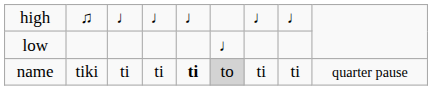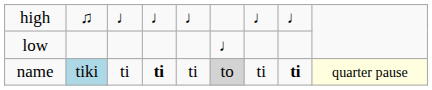 <table class="wikitable" style="text-align: center; width: 400px; height: 25px;">
 <tr>
 <td>high</td>
 <td>♫</td>
 <td>♩</td>
 <td>♩</td>
 <td>♩</td>
 <td></td>
 <td>♩</td>
 <td>♩</td>
 <td rowspan="2"></td>
 </tr>
 <tr>
 <td>low</td>
 <td></td>
 <td></td>
 <td></td>
 <td></td>
 <td>♩</td>
 <td></td>
 <td></td>
 </tr>
 <tr>
 <td>name</td>
-<td>tiki</td>
-<td>ti</td>
+<td style="background: lightblue;">tiki</td>
 <td>ti</td>
 <td><strong>ti</strong></td>
+<td>ti</td>
 <td style="background: lightgrey;">to</td>
 <td>ti</td>
-<td>ti</td>
-<td><small>quarter pause</small></td>
+<td><strong>ti</strong></td>
+<td style="background: lightyellow;"><small>quarter pause</small></td>
 </tr>
 </table>
